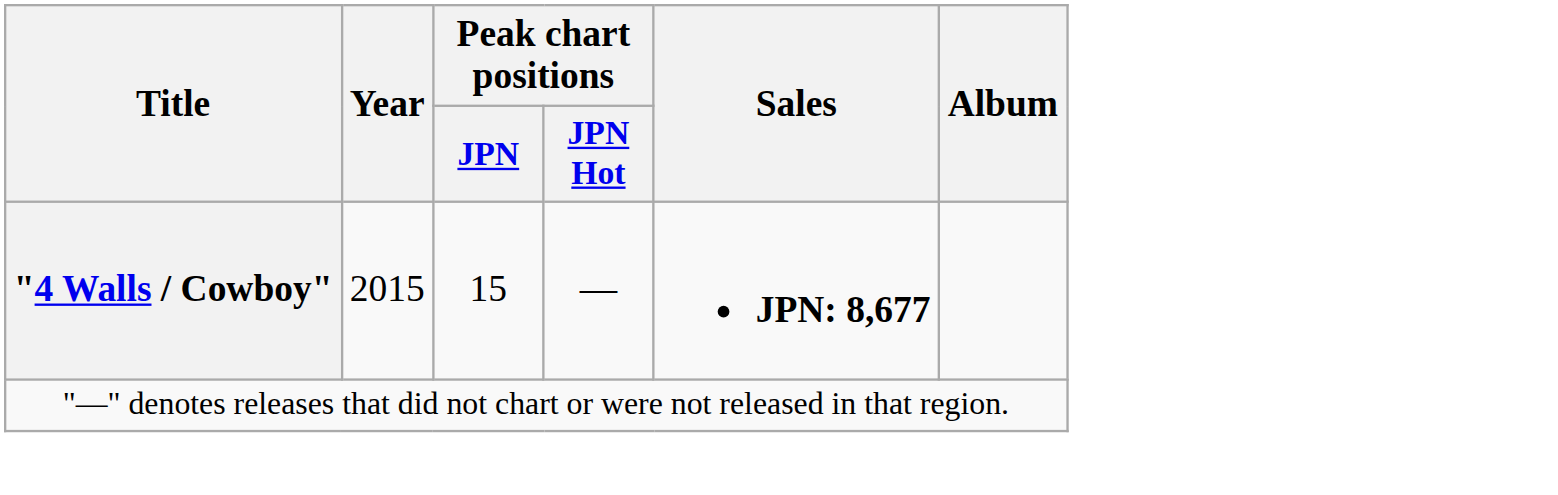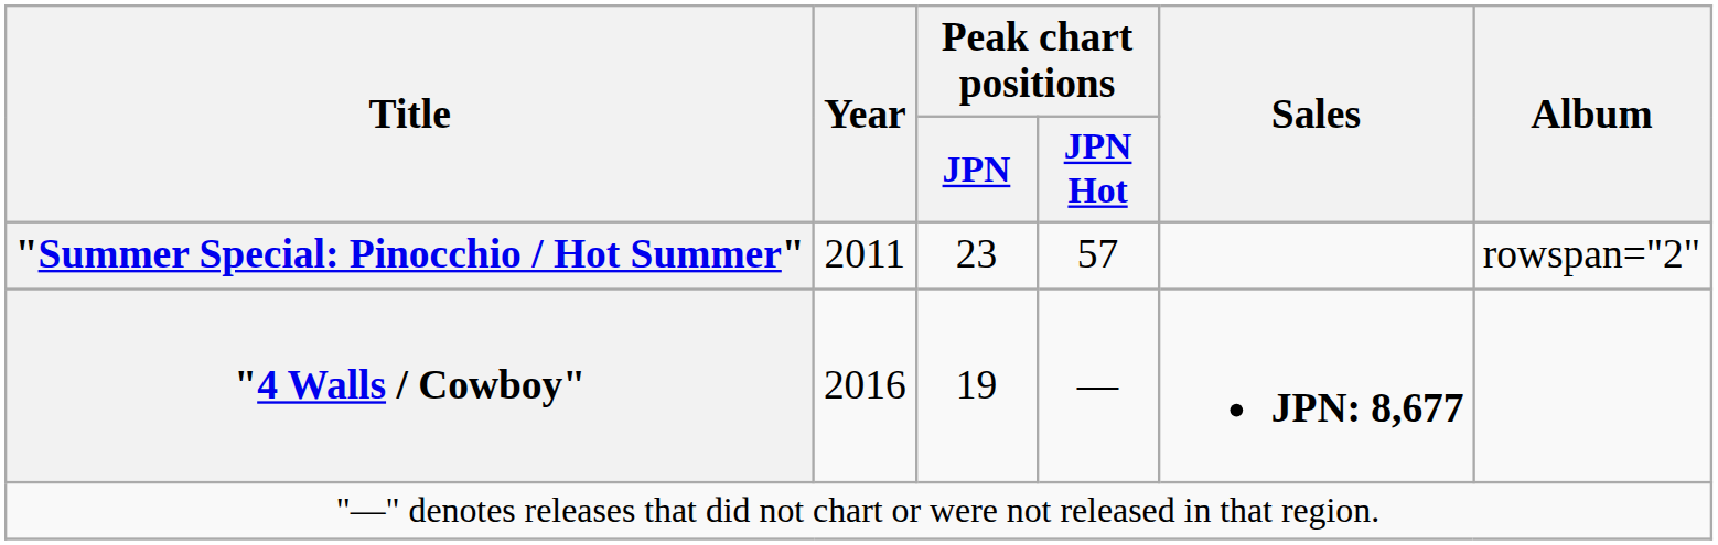 <table class="wikitable plainrowheaders" style="text-align:center">
 <tr>
 <th scope="col" rowspan="2">Title</th>
 <th scope="col" rowspan="2">Year</th>
 <th scope="col" colspan="2">Peak chart positions</th>
 <th scope="col" rowspan="2">Sales</th>
 <th scope="col" rowspan="2">Album</th>
 </tr>
 <tr>
 <th scope="col" style="width:2.8em;font-size:90%"><a href='#'>JPN</a><br></th>
 <th scope="col" style="width:2.8em;font-size:90%"><a href='#'>JPN Hot</a><br></th>
 </tr>
 <tr>
+<th scope="row">"<a href='#'>Summer Special: Pinocchio / Hot Summer</a>"</th>
+<td>2011</td>
+<td>23</td>
+<td>57</td>
+<td></td>
+<td>rowspan="2" </td>
+</tr>
+<tr>
 <th scope="row">"<a href='#'>4 Walls</a> / Cowboy"</th>
-<td>2015</td>
-<td>15</td>
+<td>2016</td>
+<td>19</td>
 <td>—</td>
 <td><strong><br><ul><li>JPN: 8,677</li></ul></strong></td>
 </tr>
 <tr>
 <td colspan="6" style="font-size:85%">"—" denotes releases that did not chart or were not released in that region.</td>
 </tr>
 </table>
